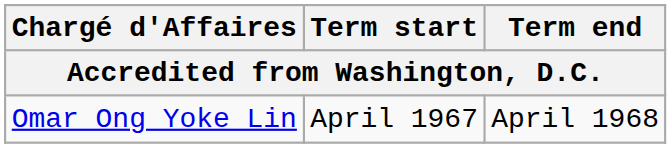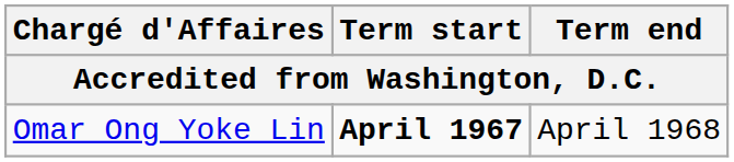 <table class=wikitable>
 <tr>
 <th>Chargé d'Affaires</th>
 <th>Term start</th>
 <th>Term end</th>
 </tr>
 <tr>
 <th colspan=3>Accredited from Washington, D.C.</th>
 </tr>
 <tr>
 <td><a href='#'>Omar Ong Yoke Lin</a></td>
-<td>April 1967</td>
+<td><strong>April 1967</strong></td>
 <td>April 1968</td>
 </tr>
 </table>
